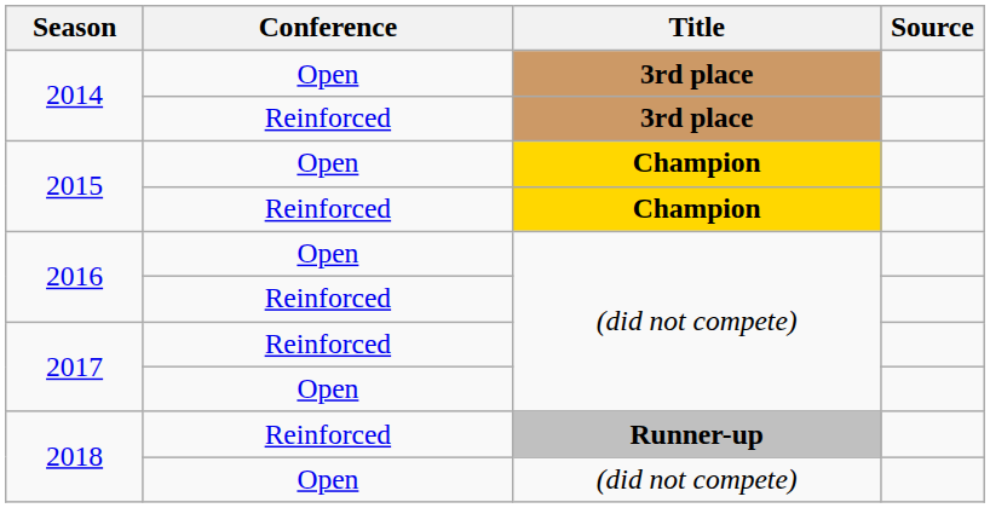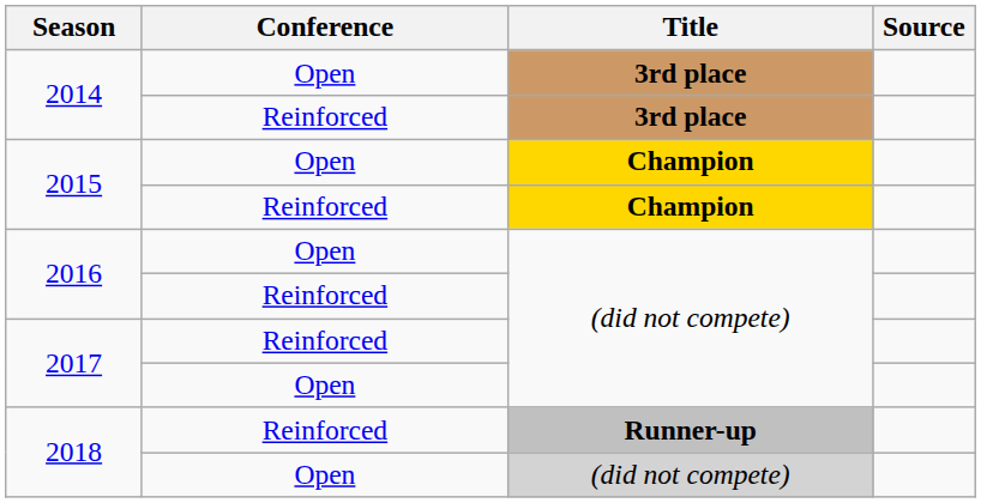 <table class="wikitable">
 <tr>
 <th width=70px>Season</th>
 <th width=200px>Conference</th>
 <th width=200px>Title</th>
 <th width=50px>Source</th>
 </tr>
 <tr align=center>
 <td rowspan=2><a href='#'>2014</a></td>
 <td><a href='#'>Open</a></td>
 <td style="background:#cc9966;"><strong>3rd place</strong></td>
 <td></td>
 </tr>
 <tr align=center>
 <td><a href='#'>Reinforced</a></td>
 <td style="background:#cc9966;"><strong>3rd place</strong></td>
 <td></td>
 </tr>
 <tr align=center>
 <td rowspan=2><a href='#'>2015</a></td>
 <td><a href='#'>Open</a></td>
 <td style="background:gold;"><strong>Champion</strong></td>
 <td></td>
 </tr>
 <tr align=center>
 <td><a href='#'>Reinforced</a></td>
 <td style="background:gold;"><strong>Champion</strong></td>
 <td></td>
 </tr>
 <tr align=center>
 <td rowspan=2><a href='#'>2016</a></td>
 <td><a href='#'>Open</a></td>
 <td rowspan=4><em>(did not compete)</em></td>
 <td></td>
 </tr>
 <tr align=center>
 <td><a href='#'>Reinforced</a></td>
 <td></td>
 </tr>
 <tr align=center>
 <td rowspan=2><a href='#'>2017</a></td>
 <td><a href='#'>Reinforced</a></td>
 <td></td>
 </tr>
 <tr align=center>
 <td><a href='#'>Open</a></td>
 <td></td>
 </tr>
 <tr align=center>
 <td rowspan=2><a href='#'>2018</a></td>
 <td><a href='#'>Reinforced</a></td>
 <td style="background:silver;"><strong>Runner-up</strong></td>
 <td></td>
 </tr>
 <tr align=center>
 <td><a href='#'>Open</a></td>
-<td><em>(did not compete)</em></td>
+<td style="background: lightgrey;"><em>(did not compete)</em></td>
 <td></td>
 </tr>
 </table>
